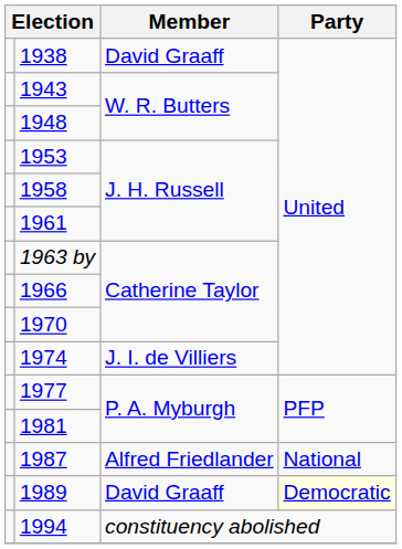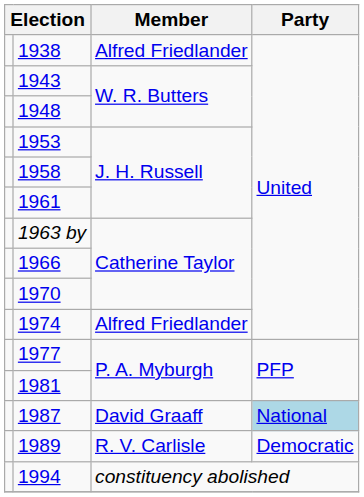 <table class="wikitable">
 <tr>
 <th colspan="2">Election</th>
 <th>Member</th>
 <th>Party</th>
 </tr>
 <tr>
 <td style="background-color: "></td>
 <td><a href='#'>1938</a></td>
-<td><a href='#'>David Graaff</a></td>
+<td><a href='#'>Alfred Friedlander</a></td>
 <td rowspan="10"><a href='#'>United</a></td>
 </tr>
 <tr>
 <td style="background-color: "></td>
 <td><a href='#'>1943</a></td>
 <td rowspan="2"><a href='#'>W. R. Butters</a></td>
 </tr>
 <tr>
 <td style="background-color: "></td>
 <td><a href='#'>1948</a></td>
 </tr>
 <tr>
 <td style="background-color: "></td>
 <td><a href='#'>1953</a></td>
 <td rowspan="3"><a href='#'>J. H. Russell</a></td>
 </tr>
 <tr>
 <td style="background-color: "></td>
 <td><a href='#'>1958</a></td>
 </tr>
 <tr>
 <td style="background-color: "></td>
 <td><a href='#'>1961</a></td>
 </tr>
 <tr>
 <td style="background-color: "></td>
 <td><em>1963 by</em></td>
 <td rowspan="3"><a href='#'>Catherine Taylor</a></td>
 </tr>
 <tr>
 <td style="background-color: "></td>
 <td><a href='#'>1966</a></td>
 </tr>
 <tr>
 <td style="background-color: "></td>
 <td><a href='#'>1970</a></td>
 </tr>
 <tr>
 <td style="background-color: "></td>
 <td><a href='#'>1974</a></td>
-<td><a href='#'>J. I. de Villiers</a></td>
+<td><a href='#'>Alfred Friedlander</a></td>
 </tr>
 <tr>
 <td style="background-color: "></td>
 <td><a href='#'>1977</a></td>
 <td rowspan="2"><a href='#'>P. A. Myburgh</a></td>
 <td rowspan="2"><a href='#'>PFP</a></td>
 </tr>
 <tr>
 <td style="background-color: "></td>
 <td><a href='#'>1981</a></td>
 </tr>
 <tr>
 <td style="background-color: "></td>
 <td><a href='#'>1987</a></td>
-<td><a href='#'>Alfred Friedlander</a></td>
-<td><a href='#'>National</a></td>
+<td><a href='#'>David Graaff</a></td>
+<td style="background: lightblue;"><a href='#'>National</a></td>
 </tr>
 <tr>
 <td style="background-color: "></td>
 <td><a href='#'>1989</a></td>
-<td><a href='#'>David Graaff</a></td>
-<td style="background: lightyellow;"><a href='#'>Democratic</a></td>
+<td><a href='#'>R. V. Carlisle</a></td>
+<td><a href='#'>Democratic</a></td>
 </tr>
 <tr>
 <td style="background-color: "></td>
 <td><a href='#'>1994</a></td>
 <td colspan="2"><em>constituency abolished</em></td>
 </tr>
 <tr>
 </tr>
 </table>
